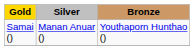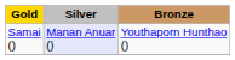 <table class="wikitable">
 <tr>
 <th style="background: gold">Gold</th>
 <th style="background: silver">Silver</th>
 <th style="background: #cc9966">Bronze</th>
 </tr>
 <tr>
 <td><a href='#'>Samai</a> <br> () <br></td>
-<td><a href='#'>Manan Anuar</a> <br> () <br></td>
+<td style="background: lavender;"><a href='#'>Manan Anuar</a> <br> () <br></td>
 <td><a href='#'>Youthaporn Hunthao</a> <br> () <br></td>
 </tr>
 <tr>
 </tr>
 </table>
